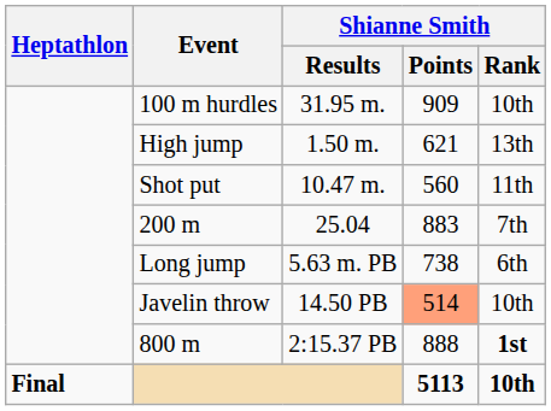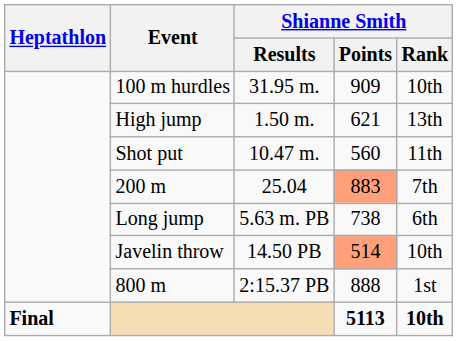 <table class="wikitable" border="1" style="font-size:90%">
 <tr>
 <th rowspan=2><a href='#'>Heptathlon</a></th>
 <th rowspan=2>Event</th>
 <th colspan=3><a href='#'>Shianne Smith</a></th>
 </tr>
 <tr>
 <th>Results</th>
 <th>Points</th>
 <th>Rank</th>
 </tr>
 <tr>
 <td rowspan=7></td>
 <td>100 m hurdles</td>
 <td align=center>31.95 m.</td>
 <td align=center>909</td>
 <td align=center>10th</td>
 </tr>
 <tr>
 <td>High jump</td>
 <td align=center>1.50 m.</td>
 <td align=center>621</td>
 <td align=center>13th</td>
 </tr>
 <tr>
 <td>Shot put</td>
 <td align=center>10.47 m.</td>
 <td align=center>560</td>
 <td align=center>11th</td>
 </tr>
 <tr>
 <td>200 m</td>
 <td align=center>25.04</td>
-<td align=center>883</td>
+<td align=center style="background: lightsalmon;">883</td>
 <td align=center>7th</td>
 </tr>
 <tr>
 <td>Long jump</td>
 <td align=center>5.63 m. PB</td>
 <td align=center>738</td>
 <td align=center>6th</td>
 </tr>
 <tr>
 <td>Javelin throw</td>
 <td align=center>14.50 PB</td>
 <td align=center style="background: lightsalmon;">514</td>
 <td align=center>10th</td>
 </tr>
 <tr>
 <td>800 m</td>
 <td align=center>2:15.37 PB</td>
 <td align=center>888</td>
-<td align=center><strong>1st</strong></td>
+<td align=center>1st</td>
 </tr>
 <tr>
 <td><strong>Final</strong></td>
 <td colspan=2 bgcolor=wheat></td>
 <td align=center><strong>5113</strong></td>
 <td align=center><strong>10th</strong></td>
 </tr>
 </table>
